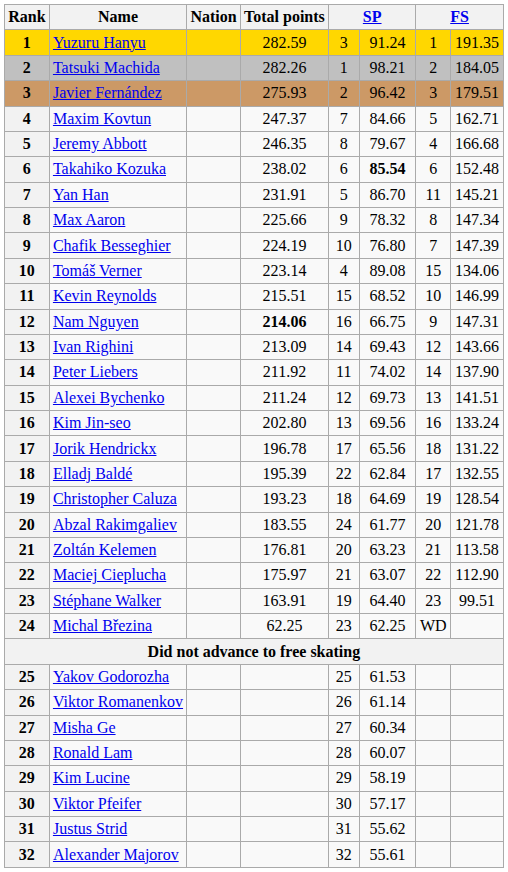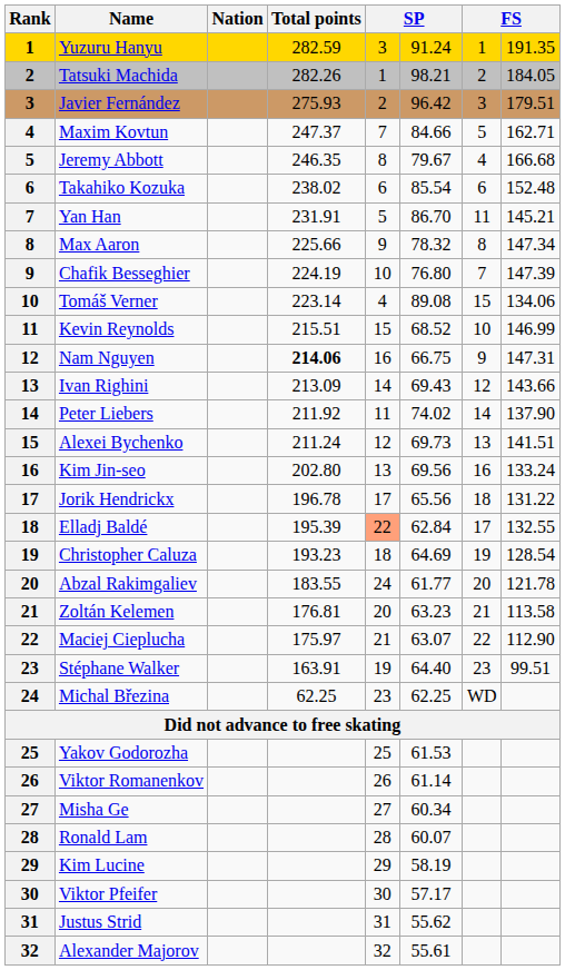 <table class="wikitable sortable">
 <tr>
 <th>Rank</th>
 <th>Name</th>
 <th>Nation</th>
 <th>Total points</th>
 <th colspan="2" width="80px"><a href='#'>SP</a></th>
 <th colspan="2" width="80px"><a href='#'>FS</a></th>
 </tr>
 <tr bgcolor="gold">
 <td align="center"><strong>1</strong></td>
 <td><a href='#'>Yuzuru Hanyu</a></td>
 <td></td>
 <td align="center">282.59</td>
 <td align="center">3</td>
 <td align="center">91.24</td>
 <td align="center">1</td>
 <td align="center">191.35</td>
 </tr>
 <tr bgcolor="silver">
 <td align="center"><strong>2</strong></td>
 <td><a href='#'>Tatsuki Machida</a></td>
 <td></td>
 <td align="center">282.26</td>
 <td align="center">1</td>
 <td align="center">98.21</td>
 <td align="center">2</td>
 <td align="center">184.05</td>
 </tr>
 <tr bgcolor="cc9966">
 <td align="center"><strong>3</strong></td>
 <td><a href='#'>Javier Fernández</a></td>
 <td></td>
 <td align="center">275.93</td>
 <td align="center">2</td>
 <td align="center">96.42</td>
 <td align="center">3</td>
 <td align="center">179.51</td>
 </tr>
 <tr>
 <th>4</th>
 <td><a href='#'>Maxim Kovtun</a></td>
 <td></td>
 <td align="center">247.37</td>
 <td align="center">7</td>
 <td align="center">84.66</td>
 <td align="center">5</td>
 <td align="center">162.71</td>
 </tr>
 <tr>
 <th>5</th>
 <td><a href='#'>Jeremy Abbott</a></td>
 <td></td>
 <td align="center">246.35</td>
 <td align="center">8</td>
 <td align="center">79.67</td>
 <td align="center">4</td>
 <td align="center">166.68</td>
 </tr>
 <tr>
 <th>6</th>
 <td><a href='#'>Takahiko Kozuka</a></td>
 <td></td>
 <td align="center">238.02</td>
 <td align="center">6</td>
-<td align="center"><strong>85.54</strong></td>
+<td align="center">85.54</td>
 <td align="center">6</td>
 <td align="center">152.48</td>
 </tr>
 <tr>
 <th>7</th>
 <td><a href='#'>Yan Han</a></td>
 <td></td>
 <td align="center">231.91</td>
 <td align="center">5</td>
 <td align="center">86.70</td>
 <td align="center">11</td>
 <td align="center">145.21</td>
 </tr>
 <tr>
 <th>8</th>
 <td><a href='#'>Max Aaron</a></td>
 <td></td>
 <td align="center">225.66</td>
 <td align="center">9</td>
 <td align="center">78.32</td>
 <td align="center">8</td>
 <td align="center">147.34</td>
 </tr>
 <tr>
 <th>9</th>
 <td><a href='#'>Chafik Besseghier</a></td>
 <td></td>
 <td align="center">224.19</td>
 <td align="center">10</td>
 <td align="center">76.80</td>
 <td align="center">7</td>
 <td align="center">147.39</td>
 </tr>
 <tr>
 <th>10</th>
 <td><a href='#'>Tomáš Verner</a></td>
 <td></td>
 <td align="center">223.14</td>
 <td align="center">4</td>
 <td align="center">89.08</td>
 <td align="center">15</td>
 <td align="center">134.06</td>
 </tr>
 <tr>
 <th>11</th>
 <td><a href='#'>Kevin Reynolds</a></td>
 <td></td>
 <td align="center">215.51</td>
 <td align="center">15</td>
 <td align="center">68.52</td>
 <td align="center">10</td>
 <td align="center">146.99</td>
 </tr>
 <tr>
 <th>12</th>
 <td><a href='#'>Nam Nguyen</a></td>
 <td></td>
 <td align="center"><strong>214.06</strong></td>
 <td align="center">16</td>
 <td align="center">66.75</td>
 <td align="center">9</td>
 <td align="center">147.31</td>
 </tr>
 <tr>
 <th>13</th>
 <td><a href='#'>Ivan Righini</a></td>
 <td></td>
 <td align="center">213.09</td>
 <td align="center">14</td>
 <td align="center">69.43</td>
 <td align="center">12</td>
 <td align="center">143.66</td>
 </tr>
 <tr>
 <th>14</th>
 <td><a href='#'>Peter Liebers</a></td>
 <td></td>
 <td align="center">211.92</td>
 <td align="center">11</td>
 <td align="center">74.02</td>
 <td align="center">14</td>
 <td align="center">137.90</td>
 </tr>
 <tr>
 <th>15</th>
 <td><a href='#'>Alexei Bychenko</a></td>
 <td></td>
 <td align="center">211.24</td>
 <td align="center">12</td>
 <td align="center">69.73</td>
 <td align="center">13</td>
 <td align="center">141.51</td>
 </tr>
 <tr>
 <th>16</th>
 <td><a href='#'>Kim Jin-seo</a></td>
 <td></td>
 <td align="center">202.80</td>
 <td align="center">13</td>
 <td align="center">69.56</td>
 <td align="center">16</td>
 <td align="center">133.24</td>
 </tr>
 <tr>
 <th>17</th>
 <td><a href='#'>Jorik Hendrickx</a></td>
 <td></td>
 <td align="center">196.78</td>
 <td align="center">17</td>
 <td align="center">65.56</td>
 <td align="center">18</td>
 <td align="center">131.22</td>
 </tr>
 <tr>
 <th>18</th>
 <td><a href='#'>Elladj Baldé</a></td>
 <td></td>
 <td align="center">195.39</td>
-<td align="center">22</td>
+<td align="center" style="background: lightsalmon;">22</td>
 <td align="center">62.84</td>
 <td align="center">17</td>
 <td align="center">132.55</td>
 </tr>
 <tr>
 <th>19</th>
 <td><a href='#'>Christopher Caluza</a></td>
 <td></td>
 <td align="center">193.23</td>
 <td align="center">18</td>
 <td align="center">64.69</td>
 <td align="center">19</td>
 <td align="center">128.54</td>
 </tr>
 <tr>
 <th>20</th>
 <td><a href='#'>Abzal Rakimgaliev</a></td>
 <td></td>
 <td align="center">183.55</td>
 <td align="center">24</td>
 <td align="center">61.77</td>
 <td align="center">20</td>
 <td align="center">121.78</td>
 </tr>
 <tr>
 <th>21</th>
 <td><a href='#'>Zoltán Kelemen</a></td>
 <td></td>
 <td align="center">176.81</td>
 <td align="center">20</td>
 <td align="center">63.23</td>
 <td align="center">21</td>
 <td align="center">113.58</td>
 </tr>
 <tr>
 <th>22</th>
 <td><a href='#'>Maciej Cieplucha</a></td>
 <td></td>
 <td align="center">175.97</td>
 <td align="center">21</td>
 <td align="center">63.07</td>
 <td align="center">22</td>
 <td align="center">112.90</td>
 </tr>
 <tr>
 <th>23</th>
 <td><a href='#'>Stéphane Walker</a></td>
 <td></td>
 <td align="center">163.91</td>
 <td align="center">19</td>
 <td align="center">64.40</td>
 <td align="center">23</td>
 <td align="center">99.51</td>
 </tr>
 <tr>
 <th>24</th>
 <td><a href='#'>Michal Březina</a></td>
 <td></td>
 <td align="center">62.25</td>
 <td align="center">23</td>
 <td align="center">62.25</td>
 <td align="center">WD</td>
 <td></td>
 </tr>
 <tr>
 <th colspan="10">Did not advance to free skating</th>
 </tr>
 <tr>
 <th>25</th>
 <td><a href='#'>Yakov Godorozha</a></td>
 <td></td>
 <td align="center"></td>
 <td align="center">25</td>
 <td align="center">61.53</td>
 <td align="center"></td>
 <td align="center"></td>
 </tr>
 <tr>
 <th>26</th>
 <td><a href='#'>Viktor Romanenkov</a></td>
 <td></td>
 <td align="center"></td>
 <td align="center">26</td>
 <td align="center">61.14</td>
 <td align="center"></td>
 <td align="center"></td>
 </tr>
 <tr>
 <th>27</th>
 <td><a href='#'>Misha Ge</a></td>
 <td></td>
 <td align="center"></td>
 <td align="center">27</td>
 <td align="center">60.34</td>
 <td align="center"></td>
 <td align="center"></td>
 </tr>
 <tr>
 <th>28</th>
 <td><a href='#'>Ronald Lam</a></td>
 <td></td>
 <td align="center"></td>
 <td align="center">28</td>
 <td align="center">60.07</td>
 <td align="center"></td>
 <td align="center"></td>
 </tr>
 <tr>
 <th>29</th>
 <td><a href='#'>Kim Lucine</a></td>
 <td></td>
 <td align="center"></td>
 <td align="center">29</td>
 <td align="center">58.19</td>
 <td align="center"></td>
 <td align="center"></td>
 </tr>
 <tr>
 <th>30</th>
 <td><a href='#'>Viktor Pfeifer</a></td>
 <td></td>
 <td align="center"></td>
 <td align="center">30</td>
 <td align="center">57.17</td>
 <td align="center"></td>
 <td align="center"></td>
 </tr>
 <tr>
 <th>31</th>
 <td><a href='#'>Justus Strid</a></td>
 <td></td>
 <td align="center"></td>
 <td align="center">31</td>
 <td align="center">55.62</td>
 <td align="center"></td>
 <td align="center"></td>
 </tr>
 <tr>
 <th>32</th>
 <td><a href='#'>Alexander Majorov</a></td>
 <td></td>
 <td align="center"></td>
 <td align="center">32</td>
 <td align="center">55.61</td>
 <td align="center"></td>
 <td align="center"></td>
 </tr>
 </table>
